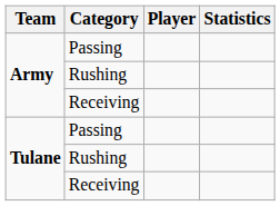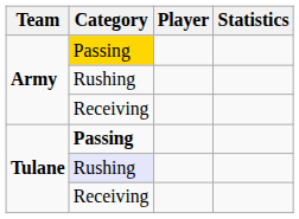 <table class="wikitable" style="float: right;">
 <tr>
 <th>Team</th>
 <th>Category</th>
 <th>Player</th>
 <th>Statistics</th>
 </tr>
 <tr>
 <td rowspan=3><strong>Army</strong></td>
-<td>Passing</td>
+<td style="background: gold;">Passing</td>
 <td></td>
 <td></td>
 </tr>
 <tr>
 <td>Rushing</td>
 <td></td>
 <td></td>
 </tr>
 <tr>
 <td>Receiving</td>
 <td></td>
 <td></td>
 </tr>
 <tr>
 <td rowspan=3><strong>Tulane</strong></td>
-<td>Passing</td>
+<td><strong>Passing</strong></td>
 <td></td>
 <td></td>
 </tr>
 <tr>
-<td>Rushing</td>
+<td style="background: lavender;">Rushing</td>
 <td></td>
 <td></td>
 </tr>
 <tr>
 <td>Receiving</td>
 <td></td>
 <td></td>
 </tr>
 </table>
